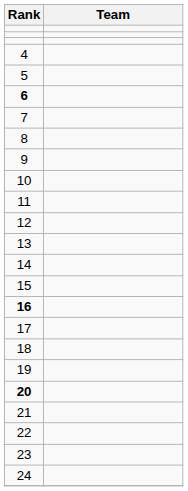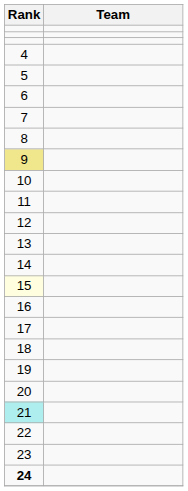 <table class="wikitable">
 <tr>
 <th style="width: 40px;">Rank</th>
 <th style="width: 160px;">Team</th>
 </tr>
 <tr>
 <td align=center></td>
 <td></td>
 </tr>
 <tr>
 <td align=center></td>
 <td></td>
 </tr>
 <tr>
 <td align=center></td>
 <td></td>
 </tr>
 <tr>
 <td align=center>4</td>
 <td></td>
 </tr>
 <tr>
 <td align=center>5</td>
 <td></td>
 </tr>
 <tr>
-<td align=center><strong>6</strong></td>
+<td align=center>6</td>
 <td></td>
 </tr>
 <tr>
 <td align=center>7</td>
 <td></td>
 </tr>
 <tr>
 <td align=center>8</td>
 <td></td>
 </tr>
 <tr>
-<td align=center>9</td>
+<td align=center style="background: khaki;">9</td>
 <td></td>
 </tr>
 <tr>
 <td align=center>10</td>
 <td></td>
 </tr>
 <tr>
 <td align=center>11</td>
 <td></td>
 </tr>
 <tr>
 <td align=center>12</td>
 <td></td>
 </tr>
 <tr>
 <td align=center>13</td>
 <td></td>
 </tr>
 <tr>
 <td align=center>14</td>
 <td></td>
 </tr>
 <tr>
-<td align=center>15</td>
+<td align=center style="background: lightyellow;">15</td>
 <td></td>
 </tr>
 <tr>
-<td align=center><strong>16</strong></td>
+<td align=center>16</td>
 <td></td>
 </tr>
 <tr>
 <td align=center>17</td>
 <td></td>
 </tr>
 <tr>
 <td align=center>18</td>
 <td></td>
 </tr>
 <tr>
 <td align=center>19</td>
 <td></td>
 </tr>
 <tr>
-<td align=center><strong>20</strong></td>
+<td align=center>20</td>
 <td></td>
 </tr>
 <tr>
-<td align=center>21</td>
+<td align=center style="background: paleturquoise;">21</td>
 <td></td>
 </tr>
 <tr>
 <td align=center>22</td>
 <td></td>
 </tr>
 <tr>
 <td align=center>23</td>
 <td></td>
 </tr>
 <tr>
-<td align=center>24</td>
+<td align=center><strong>24</strong></td>
 <td></td>
 </tr>
 <tr>
 </tr>
 </table>
